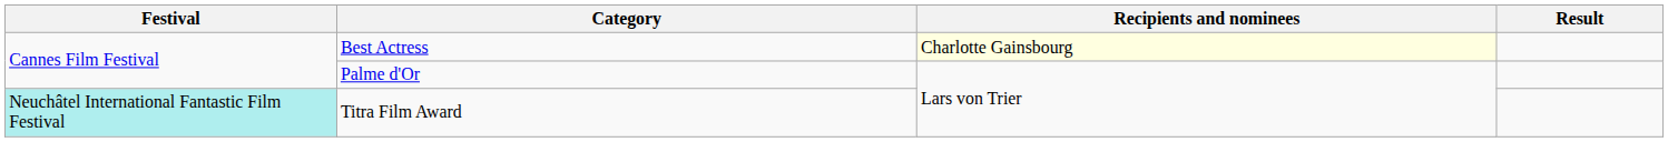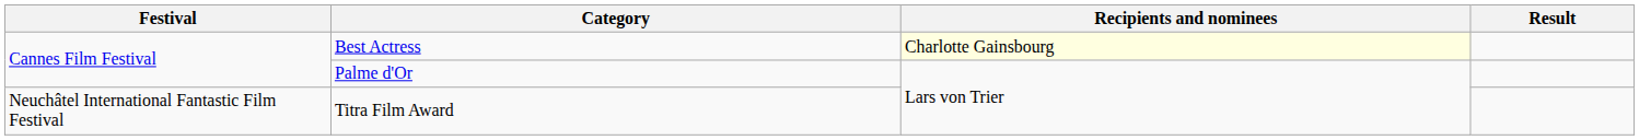 <table class="wikitable" width="95%">
 <tr>
 <th width="20%">Festival</th>
 <th width="35%">Category</th>
 <th width="35%">Recipients and nominees</th>
 <th width="10%">Result</th>
 </tr>
 <tr>
 <td rowspan="2"><a href='#'>Cannes Film Festival</a></td>
 <td><a href='#'>Best Actress</a></td>
 <td style="background: lightyellow;">Charlotte Gainsbourg</td>
 <td></td>
 </tr>
 <tr>
 <td><a href='#'>Palme d'Or</a></td>
 <td rowspan=2>Lars von Trier</td>
 <td></td>
 </tr>
 <tr>
-<td style="background: paleturquoise;">Neuchâtel International Fantastic Film Festival</td>
+<td>Neuchâtel International Fantastic Film Festival</td>
 <td>Titra Film Award</td>
 <td></td>
 </tr>
 </table>
